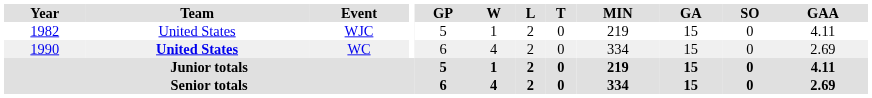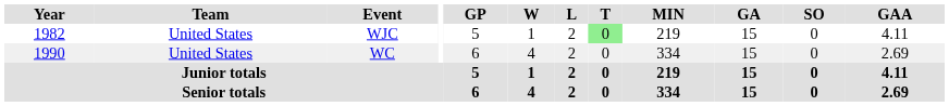 <table border="0" cellpadding="1" cellspacing="0" ID="Table3" style="text-align:center; width:60em">
 <tr ALIGN="center" bgcolor="#e0e0e0">
 <th>Year</th>
 <th>Team</th>
 <th>Event</th>
 <th rowspan="99" bgcolor="#ffffff"></th>
 <th>GP</th>
 <th>W</th>
 <th>L</th>
 <th>T</th>
 <th>MIN</th>
 <th>GA</th>
 <th>SO</th>
 <th>GAA</th>
 </tr>
 <tr>
 <td><a href='#'>1982</a></td>
 <td><a href='#'>United States</a></td>
 <td><a href='#'>WJC</a></td>
 <td>5</td>
 <td>1</td>
 <td>2</td>
-<td>0</td>
+<td style="background: lightgreen;">0</td>
 <td>219</td>
 <td>15</td>
 <td>0</td>
 <td>4.11</td>
 </tr>
 <tr bgcolor="#f0f0f0">
 <td><a href='#'>1990</a></td>
-<td><strong><a href='#'>United States</a></strong></td>
+<td><a href='#'>United States</a></td>
 <td><a href='#'>WC</a></td>
 <td>6</td>
 <td>4</td>
 <td>2</td>
 <td>0</td>
 <td>334</td>
 <td>15</td>
 <td>0</td>
 <td>2.69</td>
 </tr>
 <tr bgcolor="#e0e0e0">
 <th colspan=4>Junior totals</th>
 <th>5</th>
 <th>1</th>
 <th>2</th>
 <th>0</th>
 <th>219</th>
 <th>15</th>
 <th>0</th>
 <th>4.11</th>
 </tr>
 <tr bgcolor="#e0e0e0">
 <th colspan=4>Senior totals</th>
 <th>6</th>
 <th>4</th>
 <th>2</th>
 <th>0</th>
 <th>334</th>
 <th>15</th>
 <th>0</th>
 <th>2.69</th>
 </tr>
 </table>
